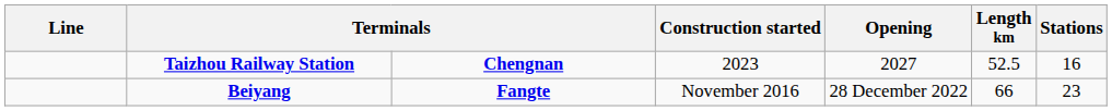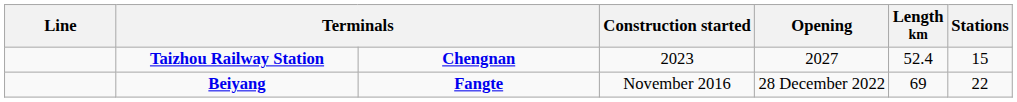 <table class="wikitable sortable" style="cell-padding:1.5; font-size:100%; text-align:center;">
 <tr>
 <th data-sort-type="text"style="width:100px;">Line</th>
 <th class="unsortable" colspan="2" style="width:400px; line-height:1.05">Terminals</th>
 <th>Construction started</th>
 <th>Opening</th>
 <th style="line-height:1.05">Length<br><small>km</small></th>
 <th style="line-height:1.05">Stations</th>
 </tr>
 <tr>
 <td style="text-align:center; line-height:1.05"></td>
 <td style="text-align:center; width:225px; line-height:1.05"><strong><a href='#'>Taizhou Railway Station</a></strong></td>
 <td style="text-align:center; width:225px; line-height:1.05"><strong><a href='#'>Chengnan</a></strong></td>
 <td style="text-align:center; line-height:1.05">2023</td>
 <td style="text-align:center; line-height:1.05">2027</td>
-<td style="text-align:center; line-height:1.05">52.5</td>
-<td style="text-align:center; line-height:1.05">16</td>
+<td style="text-align:center; line-height:1.05">52.4</td>
+<td style="text-align:center; line-height:1.05">15</td>
 </tr>
 <tr>
 <td style="text-align:center; line-height:1.05"></td>
 <td style="text-align:center; width:225px; line-height:1.05"><strong><a href='#'>Beiyang</a></strong></td>
 <td style="text-align:center; width:225px; line-height:1.05"><strong><a href='#'>Fangte</a></strong></td>
 <td style="text-align:center; line-height:1.05">November 2016</td>
 <td style="text-align:center; line-height:1.05">28 December 2022</td>
-<td style="text-align:center; line-height:1.05">66</td>
-<td style="text-align:center; line-height:1.05">23</td>
+<td style="text-align:center; line-height:1.05">69</td>
+<td style="text-align:center; line-height:1.05">22</td>
 </tr>
 </table>
